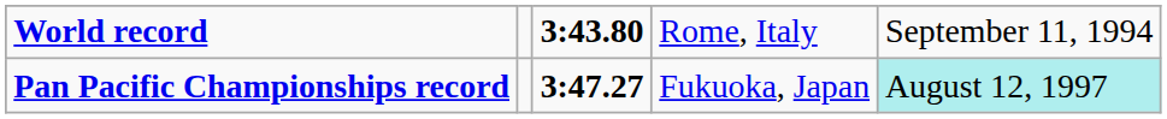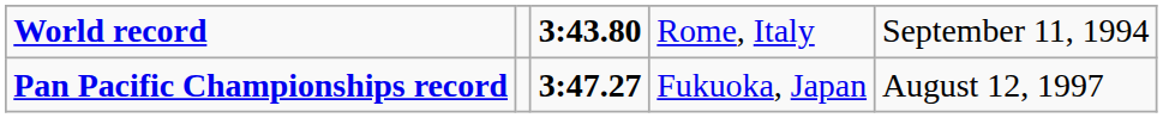 <table class="wikitable">
 <tr>
 <td><strong><a href='#'>World record</a></strong></td>
 <td></td>
 <td><strong>3:43.80</strong></td>
 <td><a href='#'>Rome</a>, <a href='#'>Italy</a></td>
 <td>September 11, 1994</td>
 </tr>
 <tr>
 <td><strong><a href='#'>Pan Pacific Championships record</a></strong></td>
 <td></td>
 <td><strong>3:47.27</strong></td>
 <td><a href='#'>Fukuoka</a>, <a href='#'>Japan</a></td>
-<td style="background: paleturquoise;">August 12, 1997</td>
+<td>August 12, 1997</td>
 </tr>
 </table>
